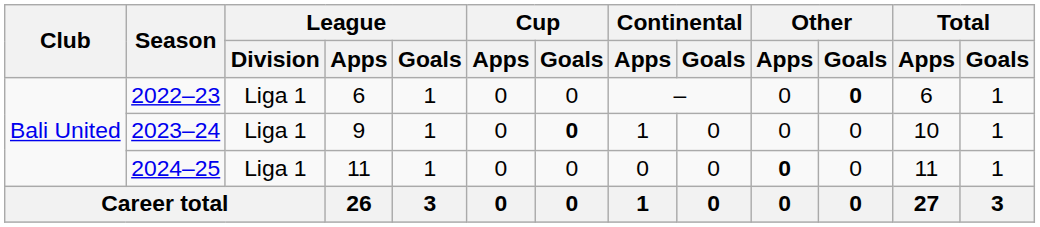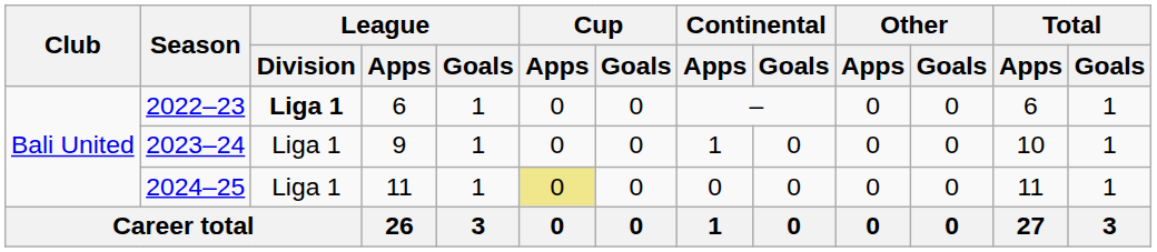 <table class="wikitable" style="text-align: center">
 <tr>
 <th rowspan="2">Club</th>
 <th rowspan="2">Season</th>
 <th colspan="3">League</th>
 <th colspan="2">Cup</th>
 <th colspan="2">Continental</th>
 <th colspan="2">Other</th>
 <th colspan="2">Total</th>
 </tr>
 <tr>
 <th>Division</th>
 <th>Apps</th>
 <th>Goals</th>
 <th>Apps</th>
 <th>Goals</th>
 <th>Apps</th>
 <th>Goals</th>
 <th>Apps</th>
 <th>Goals</th>
 <th>Apps</th>
 <th>Goals</th>
 </tr>
 <tr>
 <td rowspan="3" valign="center"><a href='#'>Bali United</a></td>
 <td><a href='#'>2022–23</a></td>
-<td rowspan="1" valign="center">Liga 1</td>
+<td rowspan="1" valign="center"><strong>Liga 1</strong></td>
 <td>6</td>
 <td>1</td>
 <td>0</td>
 <td>0</td>
 <td colspan="2">–</td>
 <td>0</td>
-<td><strong>0</strong></td>
+<td>0</td>
 <td>6</td>
 <td>1</td>
 </tr>
 <tr>
 <td><a href='#'>2023–24</a></td>
 <td>Liga 1</td>
 <td>9</td>
 <td>1</td>
 <td>0</td>
-<td><strong>0</strong></td>
+<td>0</td>
 <td>1</td>
 <td>0</td>
 <td>0</td>
 <td>0</td>
 <td>10</td>
 <td>1</td>
 </tr>
 <tr>
 <td><a href='#'>2024–25</a></td>
 <td>Liga 1</td>
 <td>11</td>
 <td>1</td>
+<td style="background: khaki;">0</td>
 <td>0</td>
 <td>0</td>
 <td>0</td>
 <td>0</td>
-<td><strong>0</strong></td>
 <td>0</td>
 <td>11</td>
 <td>1</td>
 </tr>
 <tr>
 <th colspan=3>Career total</th>
 <th>26</th>
 <th>3</th>
 <th>0</th>
 <th>0</th>
 <th>1</th>
 <th>0</th>
 <th>0</th>
 <th>0</th>
 <th>27</th>
 <th>3</th>
 </tr>
 </table>
